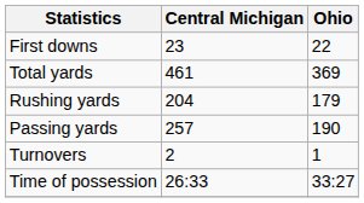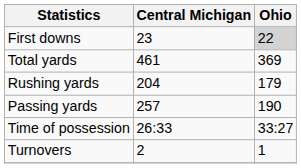 <table class="wikitable">
 <tr>
 <th>Statistics</th>
 <th>Central Michigan</th>
 <th>Ohio</th>
 </tr>
 <tr>
 <td>First downs</td>
 <td>23</td>
-<td>22</td>
+<td style="background: lightgrey;">22</td>
 </tr>
 <tr>
 <td>Total yards</td>
 <td>461</td>
 <td>369</td>
 </tr>
 <tr>
 <td>Rushing yards</td>
 <td>204</td>
 <td>179</td>
 </tr>
 <tr>
 <td>Passing yards</td>
 <td>257</td>
 <td>190</td>
 </tr>
 <tr>
+<td>Time of possession</td>
+<td>26:33</td>
+<td>33:27</td>
+</tr>
+<tr>
 <td>Turnovers</td>
 <td>2</td>
 <td>1</td>
 </tr>
 <tr>
-<td>Time of possession</td>
-<td>26:33</td>
-<td>33:27</td>
-</tr>
-<tr>
 </tr>
 </table>
